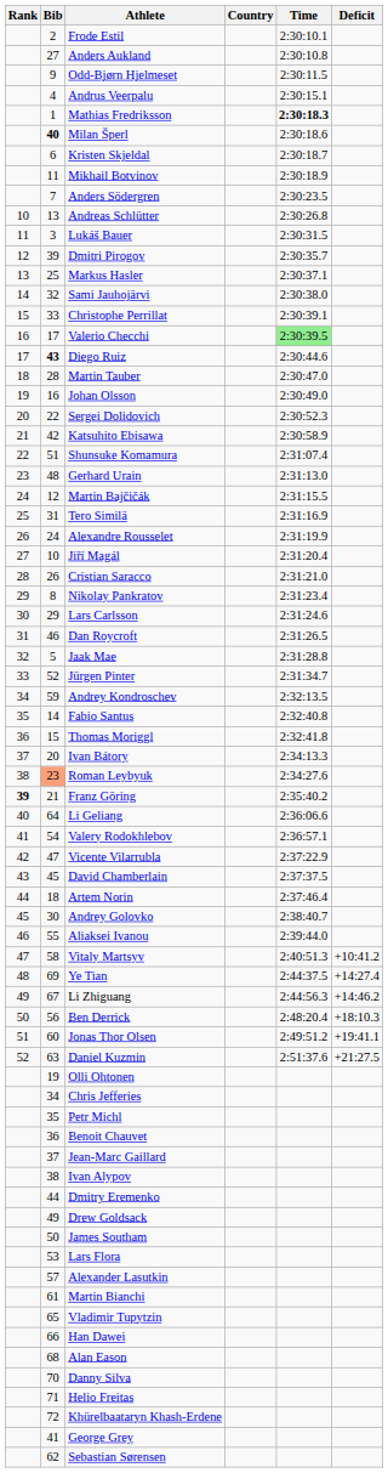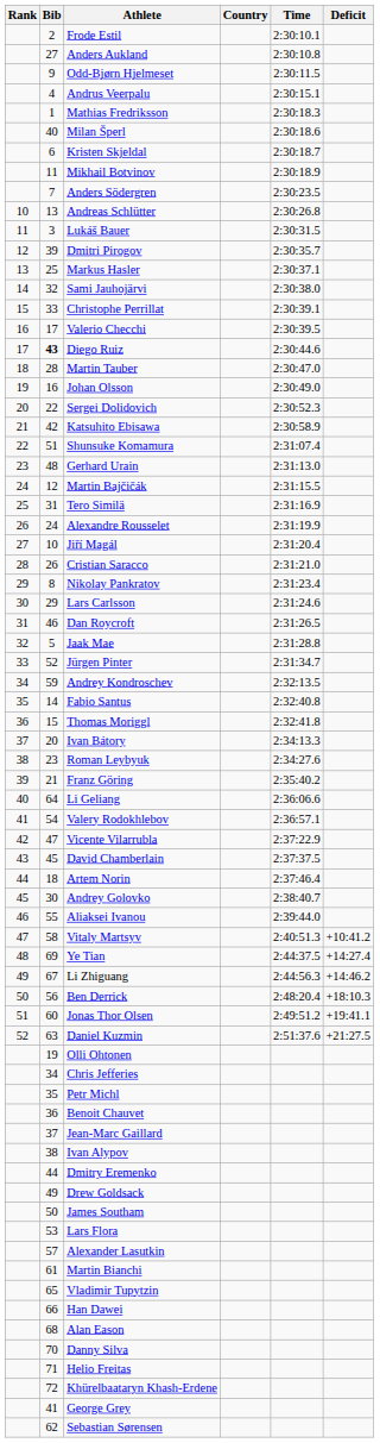 <table class="wikitable sortable" style="text-align:center">
 <tr>
 <th>Rank</th>
 <th>Bib</th>
 <th>Athlete</th>
 <th>Country</th>
 <th>Time</th>
 <th>Deficit</th>
 </tr>
 <tr>
 <td></td>
 <td>2</td>
 <td align=left><a href='#'>Frode Estil</a></td>
 <td align=left></td>
 <td>2:30:10.1</td>
 <td></td>
 </tr>
 <tr>
 <td></td>
 <td>27</td>
 <td align=left><a href='#'>Anders Aukland</a></td>
 <td align=left></td>
 <td>2:30:10.8</td>
 <td align=right></td>
 </tr>
 <tr>
 <td></td>
 <td>9</td>
 <td align=left><a href='#'>Odd-Bjørn Hjelmeset</a></td>
 <td align=left></td>
 <td>2:30:11.5</td>
 <td align=right></td>
 </tr>
 <tr>
 <td></td>
 <td>4</td>
 <td align=left><a href='#'>Andrus Veerpalu</a></td>
 <td align=left></td>
 <td>2:30:15.1</td>
 <td align=right></td>
 </tr>
 <tr>
 <td></td>
 <td>1</td>
 <td align=left><a href='#'>Mathias Fredriksson</a></td>
 <td align=left></td>
-<td><strong>2:30:18.3</strong></td>
+<td>2:30:18.3</td>
 <td align=right></td>
 </tr>
 <tr>
 <td></td>
-<td><strong>40</strong></td>
+<td>40</td>
 <td align=left><a href='#'>Milan Šperl</a></td>
 <td align=left></td>
 <td>2:30:18.6</td>
 <td align=right></td>
 </tr>
 <tr>
 <td></td>
 <td>6</td>
 <td align=left><a href='#'>Kristen Skjeldal</a></td>
 <td align=left></td>
 <td>2:30:18.7</td>
 <td align=right></td>
 </tr>
 <tr>
 <td></td>
 <td>11</td>
 <td align=left><a href='#'>Mikhail Botvinov</a></td>
 <td align=left></td>
 <td>2:30:18.9</td>
 <td align=right></td>
 </tr>
 <tr>
 <td></td>
 <td>7</td>
 <td align=left><a href='#'>Anders Södergren</a></td>
 <td align=left></td>
 <td>2:30:23.5</td>
 <td align=right></td>
 </tr>
 <tr>
 <td>10</td>
 <td>13</td>
 <td align=left><a href='#'>Andreas Schlütter</a></td>
 <td align=left></td>
 <td>2:30:26.8</td>
 <td align=right></td>
 </tr>
 <tr>
 <td>11</td>
 <td>3</td>
 <td align=left><a href='#'>Lukáš Bauer</a></td>
 <td align=left></td>
 <td>2:30:31.5</td>
 <td align=right></td>
 </tr>
 <tr>
 <td>12</td>
 <td>39</td>
 <td align=left><a href='#'>Dmitri Pirogov</a></td>
 <td align=left></td>
 <td>2:30:35.7</td>
 <td align=right></td>
 </tr>
 <tr>
 <td>13</td>
 <td>25</td>
 <td align=left><a href='#'>Markus Hasler</a></td>
 <td align=left></td>
 <td>2:30:37.1</td>
 <td align=right></td>
 </tr>
 <tr>
 <td>14</td>
 <td>32</td>
 <td align=left><a href='#'>Sami Jauhojärvi</a></td>
 <td align=left></td>
 <td>2:30:38.0</td>
 <td align=right></td>
 </tr>
 <tr>
 <td>15</td>
 <td>33</td>
 <td align=left><a href='#'>Christophe Perrillat</a></td>
 <td align=left></td>
 <td>2:30:39.1</td>
 <td align=right></td>
 </tr>
 <tr>
 <td>16</td>
 <td>17</td>
 <td align=left><a href='#'>Valerio Checchi</a></td>
 <td align=left></td>
-<td style="background: lightgreen;">2:30:39.5</td>
+<td>2:30:39.5</td>
 <td align=right></td>
 </tr>
 <tr>
 <td>17</td>
 <td><strong>43</strong></td>
 <td align=left><a href='#'>Diego Ruiz</a></td>
 <td align=left></td>
 <td>2:30:44.6</td>
 <td align=right></td>
 </tr>
 <tr>
 <td>18</td>
 <td>28</td>
 <td align=left><a href='#'>Martin Tauber</a></td>
 <td align=left></td>
 <td>2:30:47.0</td>
 <td align=right></td>
 </tr>
 <tr>
 <td>19</td>
 <td>16</td>
 <td align=left><a href='#'>Johan Olsson</a></td>
 <td align=left></td>
 <td>2:30:49.0</td>
 <td align=right></td>
 </tr>
 <tr>
 <td>20</td>
 <td>22</td>
 <td align=left><a href='#'>Sergei Dolidovich</a></td>
 <td align=left></td>
 <td>2:30:52.3</td>
 <td align=right></td>
 </tr>
 <tr>
 <td>21</td>
 <td>42</td>
 <td align=left><a href='#'>Katsuhito Ebisawa</a></td>
 <td align=left></td>
 <td>2:30:58.9</td>
 <td align=right></td>
 </tr>
 <tr>
 <td>22</td>
 <td>51</td>
 <td align=left><a href='#'>Shunsuke Komamura</a></td>
 <td align=left></td>
 <td>2:31:07.4</td>
 <td align=right></td>
 </tr>
 <tr>
 <td>23</td>
 <td>48</td>
 <td align=left><a href='#'>Gerhard Urain</a></td>
 <td align=left></td>
 <td>2:31:13.0</td>
 <td align=right></td>
 </tr>
 <tr>
 <td>24</td>
 <td>12</td>
 <td align=left><a href='#'>Martin Bajčičák</a></td>
 <td align=left></td>
 <td>2:31:15.5</td>
 <td align=right></td>
 </tr>
 <tr>
 <td>25</td>
 <td>31</td>
 <td align=left><a href='#'>Tero Similä</a></td>
 <td align=left></td>
 <td>2:31:16.9</td>
 <td align=right></td>
 </tr>
 <tr>
 <td>26</td>
 <td>24</td>
 <td align=left><a href='#'>Alexandre Rousselet</a></td>
 <td align=left></td>
 <td>2:31:19.9</td>
 <td align=right></td>
 </tr>
 <tr>
 <td>27</td>
 <td>10</td>
 <td align=left><a href='#'>Jiří Magál</a></td>
 <td align=left></td>
 <td>2:31:20.4</td>
 <td align=right></td>
 </tr>
 <tr>
 <td>28</td>
 <td>26</td>
 <td align=left><a href='#'>Cristian Saracco</a></td>
 <td align=left></td>
 <td>2:31:21.0</td>
 <td align=right></td>
 </tr>
 <tr>
 <td>29</td>
 <td>8</td>
 <td align=left><a href='#'>Nikolay Pankratov</a></td>
 <td align=left></td>
 <td>2:31:23.4</td>
 <td align=right></td>
 </tr>
 <tr>
 <td>30</td>
 <td>29</td>
 <td align=left><a href='#'>Lars Carlsson</a></td>
 <td align=left></td>
 <td>2:31:24.6</td>
 <td align=right></td>
 </tr>
 <tr>
 <td>31</td>
 <td>46</td>
 <td align=left><a href='#'>Dan Roycroft</a></td>
 <td align=left></td>
 <td>2:31:26.5</td>
 <td align=right></td>
 </tr>
 <tr>
 <td>32</td>
 <td>5</td>
 <td align=left><a href='#'>Jaak Mae</a></td>
 <td align=left></td>
 <td>2:31:28.8</td>
 <td align=right></td>
 </tr>
 <tr>
 <td>33</td>
 <td>52</td>
 <td align=left><a href='#'>Jürgen Pinter</a></td>
 <td align=left></td>
 <td>2:31:34.7</td>
 <td align=right></td>
 </tr>
 <tr>
 <td>34</td>
 <td>59</td>
 <td align=left><a href='#'>Andrey Kondroschev</a></td>
 <td align=left></td>
 <td>2:32:13.5</td>
 <td align=right></td>
 </tr>
 <tr>
 <td>35</td>
 <td>14</td>
 <td align=left><a href='#'>Fabio Santus</a></td>
 <td align=left></td>
 <td>2:32:40.8</td>
 <td align=right></td>
 </tr>
 <tr>
 <td>36</td>
 <td>15</td>
 <td align=left><a href='#'>Thomas Moriggl</a></td>
 <td align=left></td>
 <td>2:32:41.8</td>
 <td align=right></td>
 </tr>
 <tr>
 <td>37</td>
 <td>20</td>
 <td align=left><a href='#'>Ivan Bátory</a></td>
 <td align=left></td>
 <td>2:34:13.3</td>
 <td align=right></td>
 </tr>
 <tr>
 <td>38</td>
-<td style="background: lightsalmon;">23</td>
+<td>23</td>
 <td align=left><a href='#'>Roman Leybyuk</a></td>
 <td align=left></td>
 <td>2:34:27.6</td>
 <td align=right></td>
 </tr>
 <tr>
-<td><strong>39</strong></td>
+<td>39</td>
 <td>21</td>
 <td align=left><a href='#'>Franz Göring</a></td>
 <td align=left></td>
 <td>2:35:40.2</td>
 <td align=right></td>
 </tr>
 <tr>
 <td>40</td>
 <td>64</td>
 <td align=left><a href='#'>Li Geliang</a></td>
 <td align=left></td>
 <td>2:36:06.6</td>
 <td align=right></td>
 </tr>
 <tr>
 <td>41</td>
 <td>54</td>
 <td align=left><a href='#'>Valery Rodokhlebov</a></td>
 <td align=left></td>
 <td>2:36:57.1</td>
 <td align=right></td>
 </tr>
 <tr>
 <td>42</td>
 <td>47</td>
 <td align=left><a href='#'>Vicente Vilarrubla</a></td>
 <td align=left></td>
 <td>2:37:22.9</td>
 <td align=right></td>
 </tr>
 <tr>
 <td>43</td>
 <td>45</td>
 <td align=left><a href='#'>David Chamberlain</a></td>
 <td align=left></td>
 <td>2:37:37.5</td>
 <td align=right></td>
 </tr>
 <tr>
 <td>44</td>
 <td>18</td>
 <td align=left><a href='#'>Artem Norin</a></td>
 <td align=left></td>
 <td>2:37:46.4</td>
 <td align=right></td>
 </tr>
 <tr>
 <td>45</td>
 <td>30</td>
 <td align=left><a href='#'>Andrey Golovko</a></td>
 <td align=left></td>
 <td>2:38:40.7</td>
 <td align=right></td>
 </tr>
 <tr>
 <td>46</td>
 <td>55</td>
 <td align=left><a href='#'>Aliaksei Ivanou</a></td>
 <td align=left></td>
 <td>2:39:44.0</td>
 <td align=right></td>
 </tr>
 <tr>
 <td>47</td>
 <td>58</td>
 <td align=left><a href='#'>Vitaly Martsyv</a></td>
 <td align=left></td>
 <td>2:40:51.3</td>
 <td align=right>+10:41.2</td>
 </tr>
 <tr>
 <td>48</td>
 <td>69</td>
 <td align=left><a href='#'>Ye Tian</a></td>
 <td align=left></td>
 <td>2:44:37.5</td>
 <td align=right>+14:27.4</td>
 </tr>
 <tr>
 <td>49</td>
 <td>67</td>
 <td align=left>Li Zhiguang</td>
 <td align=left></td>
 <td>2:44:56.3</td>
 <td align=right>+14:46.2</td>
 </tr>
 <tr>
 <td>50</td>
 <td>56</td>
 <td align=left><a href='#'>Ben Derrick</a></td>
 <td align=left></td>
 <td>2:48:20.4</td>
 <td align=right>+18:10.3</td>
 </tr>
 <tr>
 <td>51</td>
 <td>60</td>
 <td align=left><a href='#'>Jonas Thor Olsen</a></td>
 <td align=left></td>
 <td>2:49:51.2</td>
 <td align=right>+19:41.1</td>
 </tr>
 <tr>
 <td>52</td>
 <td>63</td>
 <td align=left><a href='#'>Daniel Kuzmin</a></td>
 <td align=left></td>
 <td>2:51:37.6</td>
 <td>+21:27.5</td>
 </tr>
 <tr>
 <td></td>
 <td>19</td>
 <td align="left"><a href='#'>Olli Ohtonen</a></td>
 <td align="left"></td>
 <td></td>
 <td></td>
 </tr>
 <tr>
 <td></td>
 <td>34</td>
 <td align="left"><a href='#'>Chris Jefferies</a></td>
 <td align="left"></td>
 <td></td>
 <td></td>
 </tr>
 <tr>
 <td></td>
 <td>35</td>
 <td align="left"><a href='#'>Petr Michl</a></td>
 <td align="left"></td>
 <td></td>
 <td></td>
 </tr>
 <tr>
 <td></td>
 <td>36</td>
 <td align="left"><a href='#'>Benoit Chauvet</a></td>
 <td align="left"></td>
 <td></td>
 <td></td>
 </tr>
 <tr>
 <td></td>
 <td>37</td>
 <td align="left"><a href='#'>Jean-Marc Gaillard</a></td>
 <td align="left"></td>
 <td></td>
 <td></td>
 </tr>
 <tr>
 <td></td>
 <td>38</td>
 <td align="left"><a href='#'>Ivan Alypov</a></td>
 <td align="left"></td>
 <td></td>
 <td></td>
 </tr>
 <tr>
 <td></td>
 <td>44</td>
 <td align="left"><a href='#'>Dmitry Eremenko</a></td>
 <td align="left"></td>
 <td></td>
 <td></td>
 </tr>
 <tr>
 <td></td>
 <td>49</td>
 <td align="left"><a href='#'>Drew Goldsack</a></td>
 <td align="left"></td>
 <td></td>
 <td></td>
 </tr>
 <tr>
 <td></td>
 <td>50</td>
 <td align="left"><a href='#'>James Southam</a></td>
 <td align="left"></td>
 <td></td>
 <td></td>
 </tr>
 <tr>
 <td></td>
 <td>53</td>
 <td align="left"><a href='#'>Lars Flora</a></td>
 <td align="left"></td>
 <td></td>
 <td></td>
 </tr>
 <tr>
 <td></td>
 <td>57</td>
 <td align="left"><a href='#'>Alexander Lasutkin</a></td>
 <td align="left"></td>
 <td></td>
 <td></td>
 </tr>
 <tr>
 <td></td>
 <td>61</td>
 <td align="left"><a href='#'>Martin Bianchi</a></td>
 <td align="left"></td>
 <td></td>
 <td></td>
 </tr>
 <tr>
 <td></td>
 <td>65</td>
 <td align="left"><a href='#'>Vladimir Tupytzin</a></td>
 <td align="left"></td>
 <td></td>
 <td></td>
 </tr>
 <tr>
 <td></td>
 <td>66</td>
 <td align="left"><a href='#'>Han Dawei</a></td>
 <td align="left"></td>
 <td></td>
 <td></td>
 </tr>
 <tr>
 <td></td>
 <td>68</td>
 <td align="left"><a href='#'>Alan Eason</a></td>
 <td align="left"></td>
 <td></td>
 <td></td>
 </tr>
 <tr>
 <td></td>
 <td>70</td>
 <td align="left"><a href='#'>Danny Silva</a></td>
 <td align="left"></td>
 <td></td>
 <td></td>
 </tr>
 <tr>
 <td></td>
 <td>71</td>
 <td align="left"><a href='#'>Helio Freitas</a></td>
 <td align="left"></td>
 <td></td>
 <td></td>
 </tr>
 <tr>
 <td></td>
 <td>72</td>
 <td align="left"><a href='#'>Khürelbaataryn Khash-Erdene</a></td>
 <td align="left"></td>
 <td></td>
 <td></td>
 </tr>
 <tr>
 <td></td>
 <td>41</td>
 <td align="left"><a href='#'>George Grey</a></td>
 <td align="left"></td>
 <td></td>
 <td></td>
 </tr>
 <tr>
 <td></td>
 <td>62</td>
 <td align="left"><a href='#'>Sebastian Sørensen</a></td>
 <td align="left"></td>
 <td></td>
 <td></td>
 </tr>
 </table>
